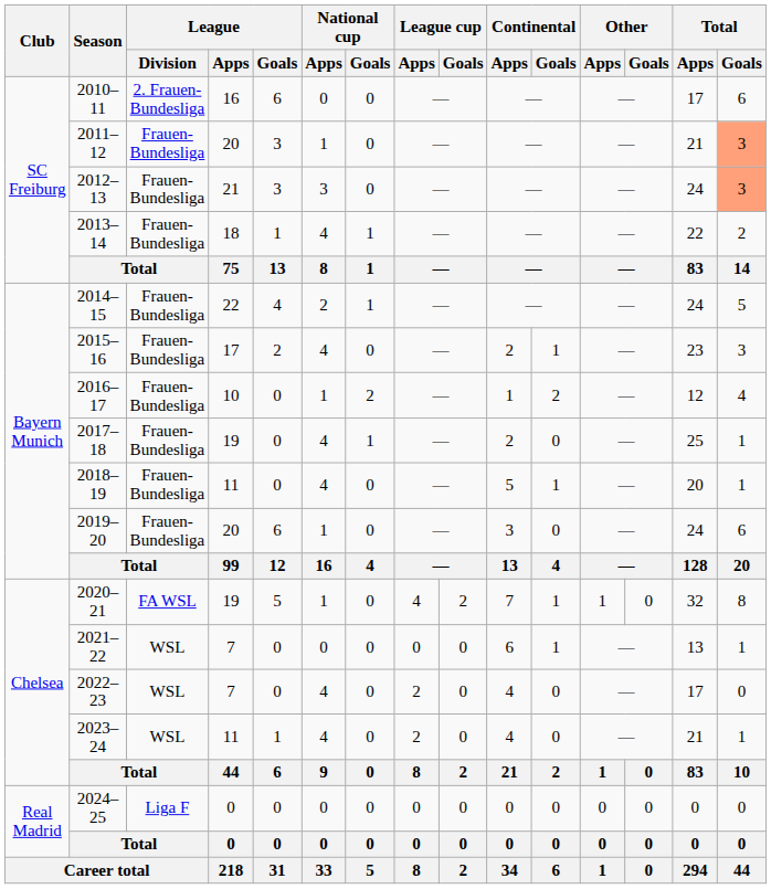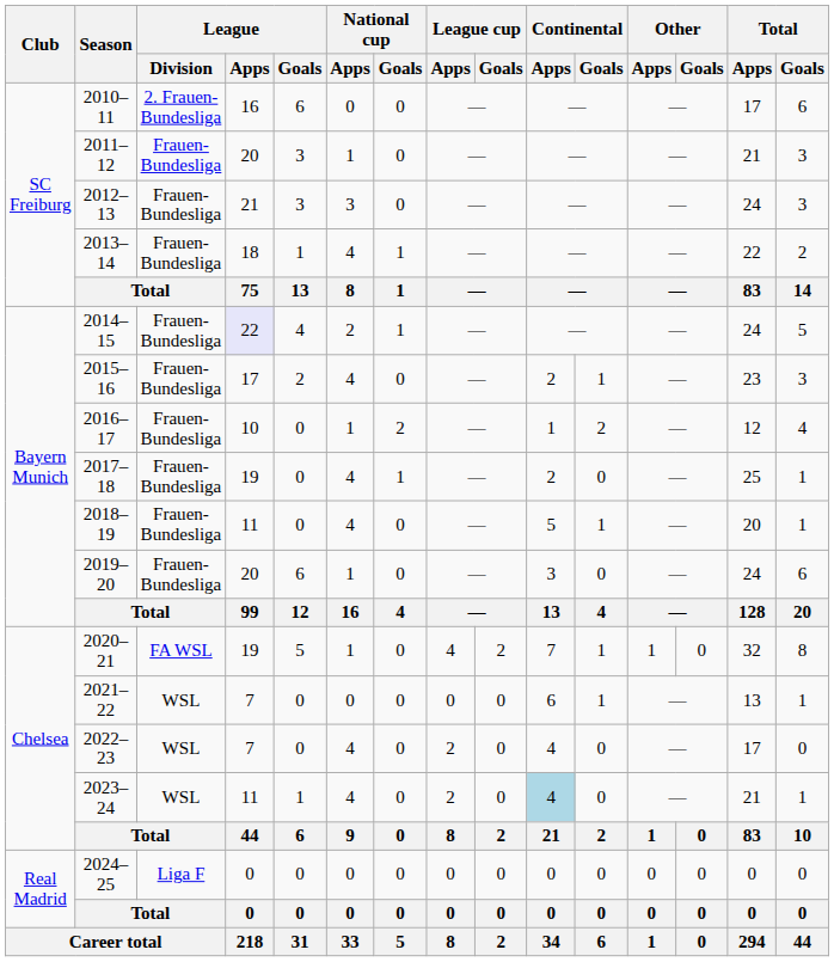 <table class="wikitable" style="text-align:center">
 <tr>
 <th rowspan="2">Club</th>
 <th rowspan="2">Season</th>
 <th colspan="3">League</th>
 <th colspan="2">National cup</th>
 <th colspan="2">League cup</th>
 <th colspan="2">Continental</th>
 <th colspan="2">Other</th>
 <th colspan="2">Total</th>
 </tr>
 <tr>
 <th>Division</th>
 <th>Apps</th>
 <th>Goals</th>
 <th>Apps</th>
 <th>Goals</th>
 <th>Apps</th>
 <th>Goals</th>
 <th>Apps</th>
 <th>Goals</th>
 <th>Apps</th>
 <th>Goals</th>
 <th>Apps</th>
 <th>Goals</th>
 </tr>
 <tr>
 <td rowspan="5"><a href='#'>SC Freiburg</a></td>
 <td>2010–11</td>
 <td><a href='#'>2. Frauen-Bundesliga</a></td>
 <td>16</td>
 <td>6</td>
 <td>0</td>
 <td>0</td>
 <td colspan="2">—</td>
 <td colspan="2">—</td>
 <td colspan="2">—</td>
 <td>17</td>
 <td>6</td>
 </tr>
 <tr>
 <td>2011–12</td>
 <td><a href='#'>Frauen-Bundesliga</a></td>
 <td>20</td>
 <td>3</td>
 <td>1</td>
 <td>0</td>
 <td colspan="2">—</td>
 <td colspan="2">—</td>
 <td colspan="2">—</td>
 <td>21</td>
-<td style="background: lightsalmon;">3</td>
+<td>3</td>
 </tr>
 <tr>
 <td>2012–13</td>
 <td>Frauen-Bundesliga</td>
 <td>21</td>
 <td>3</td>
 <td>3</td>
 <td>0</td>
 <td colspan="2">—</td>
 <td colspan="2">—</td>
 <td colspan="2">—</td>
 <td>24</td>
-<td style="background: lightsalmon;">3</td>
+<td>3</td>
 </tr>
 <tr>
 <td>2013–14</td>
 <td>Frauen-Bundesliga</td>
 <td>18</td>
 <td>1</td>
 <td>4</td>
 <td>1</td>
 <td colspan="2">—</td>
 <td colspan="2">—</td>
 <td colspan="2">—</td>
 <td>22</td>
 <td>2</td>
 </tr>
 <tr>
 <th colspan="2">Total</th>
 <th>75</th>
 <th>13</th>
 <th>8</th>
 <th>1</th>
 <th colspan="2">—</th>
 <th colspan="2">—</th>
 <th colspan="2">—</th>
 <th>83</th>
 <th>14</th>
 </tr>
 <tr>
 <td rowspan="7"><a href='#'>Bayern Munich</a></td>
 <td>2014–15</td>
 <td>Frauen-Bundesliga</td>
-<td>22</td>
+<td style="background: lavender;">22</td>
 <td>4</td>
 <td>2</td>
 <td>1</td>
 <td colspan="2">—</td>
 <td colspan="2">—</td>
 <td colspan="2">—</td>
 <td>24</td>
 <td>5</td>
 </tr>
 <tr>
 <td>2015–16</td>
 <td>Frauen-Bundesliga</td>
 <td>17</td>
 <td>2</td>
 <td>4</td>
 <td>0</td>
 <td colspan="2">—</td>
 <td>2</td>
 <td>1</td>
 <td colspan="2">—</td>
 <td>23</td>
 <td>3</td>
 </tr>
 <tr>
 <td>2016–17</td>
 <td>Frauen-Bundesliga</td>
 <td>10</td>
 <td>0</td>
 <td>1</td>
 <td>2</td>
 <td colspan="2">—</td>
 <td>1</td>
 <td>2</td>
 <td colspan="2">—</td>
 <td>12</td>
 <td>4</td>
 </tr>
 <tr>
 <td>2017–18</td>
 <td>Frauen-Bundesliga</td>
 <td>19</td>
 <td>0</td>
 <td>4</td>
 <td>1</td>
 <td colspan="2">—</td>
 <td>2</td>
 <td>0</td>
 <td colspan="2">—</td>
 <td>25</td>
 <td>1</td>
 </tr>
 <tr>
 <td>2018–19</td>
 <td>Frauen-Bundesliga</td>
 <td>11</td>
 <td>0</td>
 <td>4</td>
 <td>0</td>
 <td colspan="2">—</td>
 <td>5</td>
 <td>1</td>
 <td colspan="2">—</td>
 <td>20</td>
 <td>1</td>
 </tr>
 <tr>
 <td>2019–20</td>
 <td>Frauen-Bundesliga</td>
 <td>20</td>
 <td>6</td>
 <td>1</td>
 <td>0</td>
 <td colspan="2">—</td>
 <td>3</td>
 <td>0</td>
 <td colspan="2">—</td>
 <td>24</td>
 <td>6</td>
 </tr>
 <tr>
 <th colspan="2">Total</th>
 <th>99</th>
 <th>12</th>
 <th>16</th>
 <th>4</th>
 <th colspan="2">—</th>
 <th>13</th>
 <th>4</th>
 <th colspan="2">—</th>
 <th>128</th>
 <th>20</th>
 </tr>
 <tr>
 <td rowspan="5"><a href='#'>Chelsea</a></td>
 <td>2020–21</td>
 <td><a href='#'>FA WSL</a></td>
 <td>19</td>
 <td>5</td>
 <td>1</td>
 <td>0</td>
 <td>4</td>
 <td>2</td>
 <td>7</td>
 <td>1</td>
 <td>1</td>
 <td>0</td>
 <td>32</td>
 <td>8</td>
 </tr>
 <tr>
 <td>2021–22</td>
 <td>WSL</td>
 <td>7</td>
 <td>0</td>
 <td>0</td>
 <td>0</td>
 <td>0</td>
 <td>0</td>
 <td>6</td>
 <td>1</td>
 <td colspan="2">—</td>
 <td>13</td>
 <td>1</td>
 </tr>
 <tr>
 <td>2022–23</td>
 <td>WSL</td>
 <td>7</td>
 <td>0</td>
 <td>4</td>
 <td>0</td>
 <td>2</td>
 <td>0</td>
 <td>4</td>
 <td>0</td>
 <td colspan="2">—</td>
 <td>17</td>
 <td>0</td>
 </tr>
 <tr>
 <td>2023–24</td>
 <td>WSL</td>
 <td>11</td>
 <td>1</td>
 <td>4</td>
 <td>0</td>
 <td>2</td>
 <td>0</td>
-<td>4</td>
+<td style="background: lightblue;">4</td>
 <td>0</td>
 <td colspan="2">—</td>
 <td>21</td>
 <td>1</td>
 </tr>
 <tr>
 <th colspan="2">Total</th>
 <th>44</th>
 <th>6</th>
 <th>9</th>
 <th>0</th>
 <th>8</th>
 <th>2</th>
 <th>21</th>
 <th>2</th>
 <th>1</th>
 <th>0</th>
 <th>83</th>
 <th>10</th>
 </tr>
 <tr>
 <td rowspan="2"><a href='#'>Real Madrid</a></td>
 <td>2024–25</td>
 <td><a href='#'>Liga F</a></td>
 <td>0</td>
 <td>0</td>
 <td>0</td>
 <td>0</td>
 <td>0</td>
 <td>0</td>
 <td>0</td>
 <td>0</td>
 <td>0</td>
 <td>0</td>
 <td>0</td>
 <td>0</td>
 </tr>
 <tr>
 <th colspan="2">Total</th>
 <th>0</th>
 <th>0</th>
 <th>0</th>
 <th>0</th>
 <th>0</th>
 <th>0</th>
 <th>0</th>
 <th>0</th>
 <th>0</th>
 <th>0</th>
 <th>0</th>
 <th>0</th>
 </tr>
 <tr>
 <th colspan="3">Career total</th>
 <th>218</th>
 <th>31</th>
 <th>33</th>
 <th>5</th>
 <th>8</th>
 <th>2</th>
 <th>34</th>
 <th>6</th>
 <th>1</th>
 <th>0</th>
 <th>294</th>
 <th>44</th>
 </tr>
 </table>
